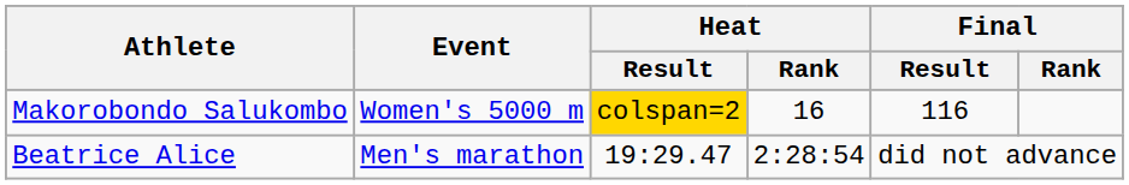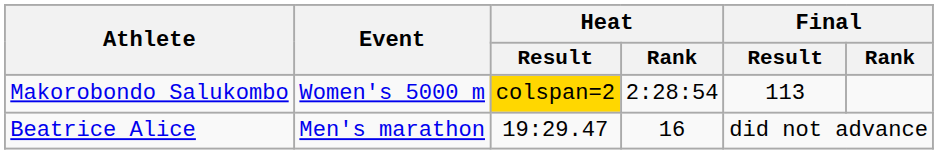 <table class="wikitable" style="font-size:90%">
 <tr>
 <th rowspan="2">Athlete</th>
 <th rowspan="2">Event</th>
 <th colspan="2">Heat</th>
 <th colspan="2">Final</th>
 </tr>
 <tr style="font-size:95%">
 <th>Result</th>
 <th>Rank</th>
 <th>Result</th>
 <th>Rank</th>
 </tr>
 <tr align=center>
 <td align=left><a href='#'>Makorobondo Salukombo</a></td>
 <td align=left><a href='#'>Women's 5000 m</a></td>
 <td style="background: gold;">colspan=2 </td>
-<td>16</td>
-<td>116</td>
+<td>2:28:54</td>
+<td>113</td>
 </tr>
 <tr align=center>
 <td align=left><a href='#'>Beatrice Alice</a></td>
 <td align=left><a href='#'>Men's marathon</a></td>
 <td>19:29.47</td>
-<td>2:28:54</td>
+<td>16</td>
 <td colspan=2>did not advance</td>
 </tr>
 </table>
